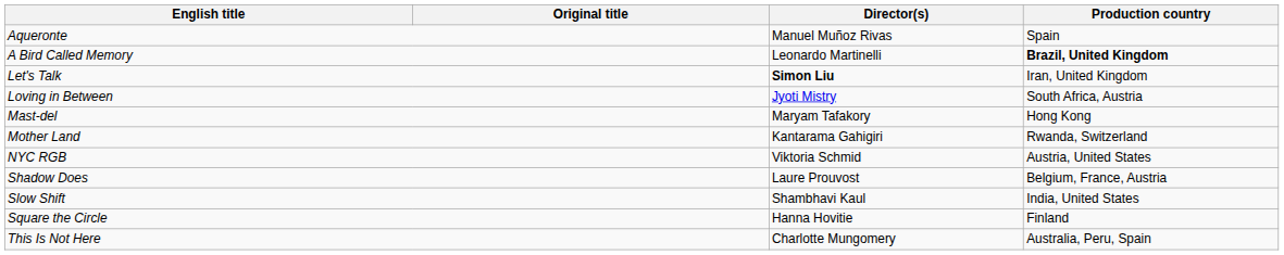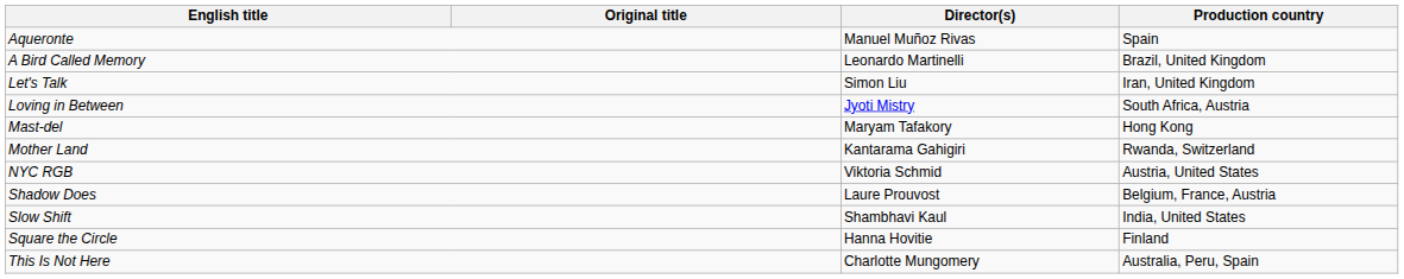 <table class="sortable wikitable" width="100%" cellpadding="5">
 <tr>
 <th scope="col" width="32%">English title</th>
 <th scope="col" width="28%">Original title</th>
 <th scope="col" width="20%">Director(s)</th>
 <th scope="col" width="20%">Production country</th>
 </tr>
 <tr>
 <td colspan=2><em>Aqueronte</em></td>
 <td>Manuel Muñoz Rivas</td>
 <td>Spain</td>
 </tr>
 <tr>
 <td colspan=2><em>A Bird Called Memory</em></td>
 <td>Leonardo Martinelli</td>
-<td><strong>Brazil, United Kingdom</strong></td>
+<td>Brazil, United Kingdom</td>
 </tr>
 <tr>
 <td colspan=2><em>Let's Talk</em></td>
-<td><strong>Simon Liu</strong></td>
+<td>Simon Liu</td>
 <td>Iran, United Kingdom</td>
 </tr>
 <tr>
 <td colspan=2><em>Loving in Between</em></td>
 <td><a href='#'>Jyoti Mistry</a></td>
 <td>South Africa, Austria</td>
 </tr>
 <tr>
 <td colspan=2><em>Mast-del</em></td>
 <td>Maryam Tafakory</td>
 <td>Hong Kong</td>
 </tr>
 <tr>
 <td colspan=2><em>Mother Land</em></td>
 <td>Kantarama Gahigiri</td>
 <td>Rwanda, Switzerland</td>
 </tr>
 <tr>
 <td colspan=2><em>NYC RGB</em></td>
 <td>Viktoria Schmid</td>
 <td>Austria, United States</td>
 </tr>
 <tr>
 <td colspan=2><em>Shadow Does</em></td>
 <td>Laure Prouvost</td>
 <td>Belgium, France, Austria</td>
 </tr>
 <tr>
 <td colspan=2><em>Slow Shift</em></td>
 <td>Shambhavi Kaul</td>
 <td>India, United States</td>
 </tr>
 <tr>
 <td colspan=2><em>Square the Circle</em></td>
 <td>Hanna Hovitie</td>
 <td>Finland</td>
 </tr>
 <tr>
 <td colspan=2><em>This Is Not Here</em></td>
 <td>Charlotte Mungomery</td>
 <td>Australia, Peru, Spain</td>
 </tr>
 </table>
